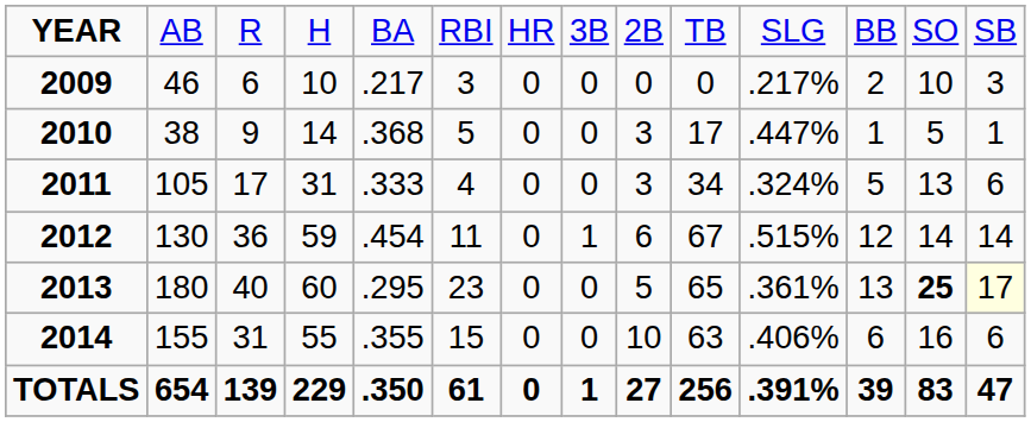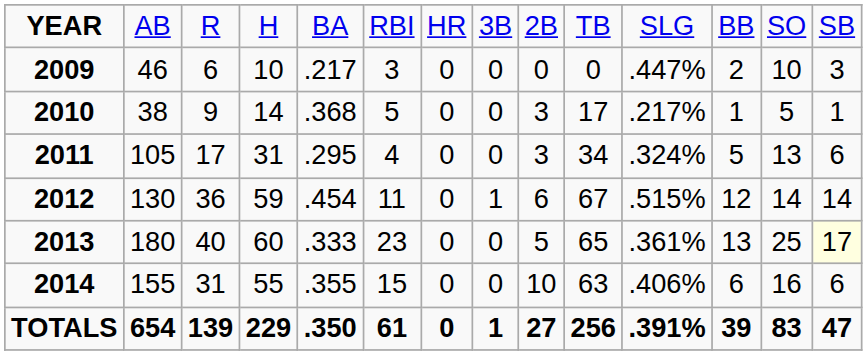 <table class="wikitable">
 <tr align=center>
 <td><strong>YEAR</strong></td>
 <td><a href='#'>AB</a></td>
 <td><a href='#'>R</a></td>
 <td><a href='#'>H</a></td>
 <td><a href='#'>BA</a></td>
 <td><a href='#'>RBI</a></td>
 <td><a href='#'>HR</a></td>
 <td><a href='#'>3B</a></td>
 <td><a href='#'>2B</a></td>
 <td><a href='#'>TB</a></td>
 <td><a href='#'>SLG</a></td>
 <td><a href='#'>BB</a></td>
 <td><a href='#'>SO</a></td>
 <td><a href='#'>SB</a></td>
 </tr>
 <tr align=center>
 <td><strong>2009</strong></td>
 <td>46</td>
 <td>6</td>
 <td>10</td>
 <td>.217</td>
 <td>3</td>
 <td>0</td>
 <td>0</td>
 <td>0</td>
 <td>0</td>
-<td>.217%</td>
+<td>.447%</td>
 <td>2</td>
 <td>10</td>
 <td>3</td>
 </tr>
 <tr align=center>
 <td><strong>2010</strong></td>
 <td>38</td>
 <td>9</td>
 <td>14</td>
 <td>.368</td>
 <td>5</td>
 <td>0</td>
 <td>0</td>
 <td>3</td>
 <td>17</td>
-<td>.447%</td>
+<td>.217%</td>
 <td>1</td>
 <td>5</td>
 <td>1</td>
 </tr>
 <tr align=center>
 <td><strong>2011</strong></td>
 <td>105</td>
 <td>17</td>
 <td>31</td>
-<td>.333</td>
+<td>.295</td>
 <td>4</td>
 <td>0</td>
 <td>0</td>
 <td>3</td>
 <td>34</td>
 <td>.324%</td>
 <td>5</td>
 <td>13</td>
 <td>6</td>
 </tr>
 <tr align=center>
 <td><strong>2012</strong></td>
 <td>130</td>
 <td>36</td>
 <td>59</td>
 <td>.454</td>
 <td>11</td>
 <td>0</td>
 <td>1</td>
 <td>6</td>
 <td>67</td>
 <td>.515%</td>
 <td>12</td>
 <td>14</td>
 <td>14</td>
 </tr>
 <tr align=center>
 <td><strong>2013</strong></td>
 <td>180</td>
 <td>40</td>
 <td>60</td>
-<td>.295</td>
+<td>.333</td>
 <td>23</td>
 <td>0</td>
 <td>0</td>
 <td>5</td>
 <td>65</td>
 <td>.361%</td>
 <td>13</td>
-<td><strong>25</strong></td>
+<td>25</td>
 <td style="background: lightyellow;">17</td>
 </tr>
 <tr align=center>
 <td><strong>2014</strong></td>
 <td>155</td>
 <td>31</td>
 <td>55</td>
 <td>.355</td>
 <td>15</td>
 <td>0</td>
 <td>0</td>
 <td>10</td>
 <td>63</td>
 <td>.406%</td>
 <td>6</td>
 <td>16</td>
 <td>6</td>
 </tr>
 <tr align=center>
 <td><strong>TOTALS</strong></td>
 <td><strong>654</strong></td>
 <td><strong>139</strong></td>
 <td><strong>229</strong></td>
 <td><strong>.350</strong></td>
 <td><strong>61</strong></td>
 <td><strong>0</strong></td>
 <td><strong>1</strong></td>
 <td><strong>27</strong></td>
 <td><strong>256</strong></td>
 <td><strong>.391%</strong></td>
 <td><strong>39</strong></td>
 <td><strong>83</strong></td>
 <td><strong>47</strong></td>
 </tr>
 </table>
